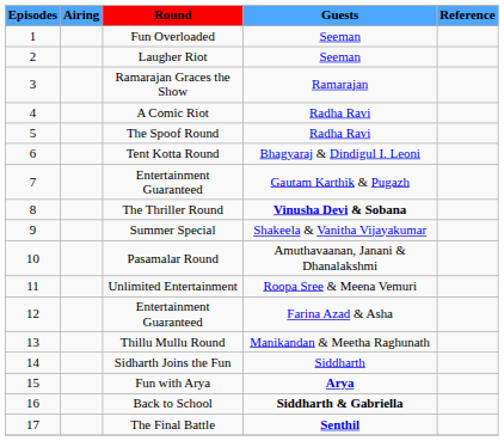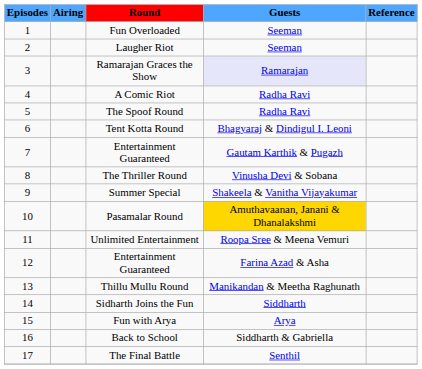 <table class="wikitable" style="text-align:center;">
 <tr>
 <th scope="col" style ="background: #4da6ff;"style="background: #FF7F00 ;color:black">Episodes</th>
 <th scope="col" style ="background: #4da6ff;"style="background: #FF7F00 ;color:black">Airing</th>
 <th scope="col" style ="background: #FF0000;"style="background: #FF7F00 ;color:black">Round</th>
 <th scope="col" style ="background: #4da6ff;"style="background: #FF7F00 ;color:black">Guests</th>
 <th scope="col" style ="background: #4da6ff;"style="background: #FF7F00 ;color:black">Reference</th>
 </tr>
 <tr>
 <td>1</td>
 <td></td>
 <td>Fun Overloaded</td>
 <td><a href='#'>Seeman</a></td>
 <td></td>
 </tr>
 <tr>
 <td>2</td>
 <td></td>
 <td>Laugher Riot</td>
 <td><a href='#'>Seeman</a></td>
 <td></td>
 </tr>
 <tr>
 <td>3</td>
 <td></td>
 <td>Ramarajan Graces the Show</td>
-<td><a href='#'>Ramarajan</a></td>
+<td style="background: lavender;"><a href='#'>Ramarajan</a></td>
 <td></td>
 </tr>
 <tr>
 <td>4</td>
 <td></td>
 <td>A Comic Riot</td>
 <td><a href='#'>Radha Ravi</a></td>
 <td></td>
 </tr>
 <tr>
 <td>5</td>
 <td></td>
 <td>The Spoof Round</td>
 <td><a href='#'>Radha Ravi</a></td>
 <td></td>
 </tr>
 <tr>
 <td>6</td>
 <td></td>
 <td>Tent Kotta Round</td>
 <td><a href='#'>Bhagyaraj</a> & <a href='#'>Dindigul I. Leoni</a></td>
 <td></td>
 </tr>
 <tr>
 <td>7</td>
 <td></td>
 <td>Entertainment Guaranteed</td>
 <td><a href='#'>Gautam Karthik</a> & <a href='#'>Pugazh</a></td>
 <td></td>
 </tr>
 <tr>
 <td>8</td>
 <td></td>
 <td>The Thriller Round</td>
-<td><strong><a href='#'>Vinusha Devi</a> & Sobana</strong></td>
+<td><a href='#'>Vinusha Devi</a> & Sobana</td>
 <td></td>
 </tr>
 <tr>
 <td>9</td>
 <td></td>
 <td>Summer Special</td>
 <td><a href='#'>Shakeela</a> & <a href='#'>Vanitha Vijayakumar</a></td>
 <td></td>
 </tr>
 <tr>
 <td>10</td>
 <td></td>
 <td>Pasamalar Round</td>
-<td>Amuthavaanan, Janani & Dhanalakshmi</td>
+<td style="background: gold;">Amuthavaanan, Janani & Dhanalakshmi</td>
 <td></td>
 </tr>
 <tr>
 <td>11</td>
 <td></td>
 <td>Unlimited Entertainment</td>
 <td><a href='#'>Roopa Sree</a> & Meena Vemuri</td>
 <td></td>
 </tr>
 <tr>
 <td>12</td>
 <td></td>
 <td>Entertainment Guaranteed</td>
 <td><a href='#'>Farina Azad</a> & Asha</td>
 <td></td>
 </tr>
 <tr>
 <td>13</td>
 <td></td>
 <td>Thillu Mullu Round</td>
 <td><a href='#'>Manikandan</a> & Meetha Raghunath</td>
 <td></td>
 </tr>
 <tr>
 <td>14</td>
 <td></td>
 <td>Sidharth Joins the Fun</td>
 <td><a href='#'>Siddharth</a></td>
 <td></td>
 </tr>
 <tr>
 <td>15</td>
 <td></td>
 <td>Fun with Arya</td>
-<td><strong><a href='#'>Arya</a></strong></td>
+<td><a href='#'>Arya</a></td>
 <td></td>
 </tr>
 <tr>
 <td>16</td>
 <td></td>
 <td>Back to School</td>
-<td><strong>Siddharth & Gabriella</strong></td>
+<td>Siddharth & Gabriella</td>
 <td></td>
 </tr>
 <tr>
 <td>17</td>
 <td></td>
 <td>The Final Battle</td>
-<td><strong><a href='#'>Senthil</a></strong></td>
+<td><a href='#'>Senthil</a></td>
 <td></td>
 </tr>
 <tr>
 </tr>
 </table>
